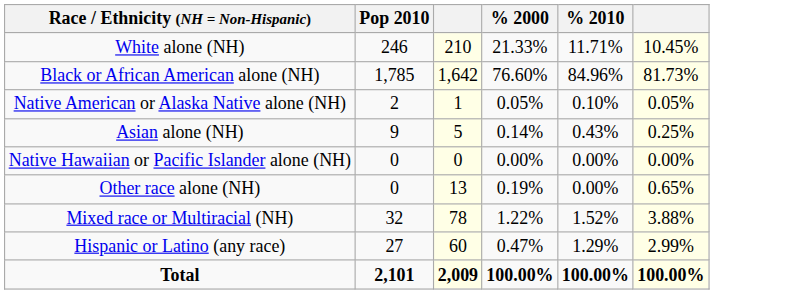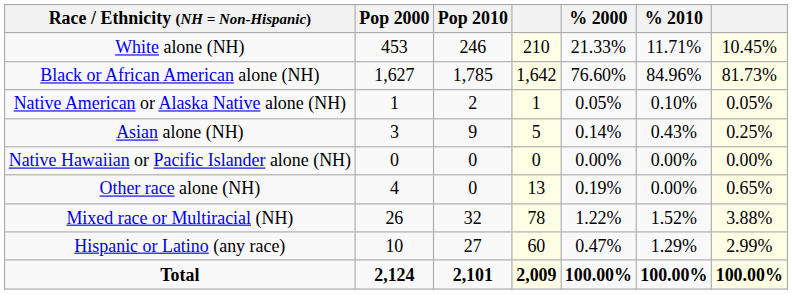 <table class="wikitable" style="text-align:center;">
 <tr>
 <th>Race / Ethnicity <small>(<em>NH = Non-Hispanic</em>)</small></th>
+<th>Pop 2000</th>
 <th>Pop 2010</th>
 <th></th>
 <th>% 2000</th>
 <th>% 2010</th>
 <th></th>
 </tr>
 <tr>
 <td><a href='#'>White</a> alone (NH)</td>
+<td>453</td>
 <td>246</td>
 <td style='background: #ffffe6;'>210</td>
 <td>21.33%</td>
 <td>11.71%</td>
 <td style='background: #ffffe6;'>10.45%</td>
 </tr>
 <tr>
 <td><a href='#'>Black or African American</a> alone (NH)</td>
+<td>1,627</td>
 <td>1,785</td>
 <td style='background: #ffffe6;'>1,642</td>
 <td>76.60%</td>
 <td>84.96%</td>
 <td style='background: #ffffe6;'>81.73%</td>
 </tr>
 <tr>
 <td><a href='#'>Native American</a> or <a href='#'>Alaska Native</a> alone (NH)</td>
+<td>1</td>
 <td>2</td>
 <td style='background: #ffffe6;'>1</td>
 <td>0.05%</td>
 <td>0.10%</td>
 <td style='background: #ffffe6;'>0.05%</td>
 </tr>
 <tr>
 <td><a href='#'>Asian</a> alone (NH)</td>
+<td>3</td>
 <td>9</td>
 <td style='background: #ffffe6;'>5</td>
 <td>0.14%</td>
 <td>0.43%</td>
 <td style='background: #ffffe6;'>0.25%</td>
 </tr>
 <tr>
 <td><a href='#'>Native Hawaiian</a> or <a href='#'>Pacific Islander</a> alone (NH)</td>
 <td>0</td>
+<td>0</td>
 <td style='background: #ffffe6;'>0</td>
 <td>0.00%</td>
 <td>0.00%</td>
 <td style='background: #ffffe6;'>0.00%</td>
 </tr>
 <tr>
 <td><a href='#'>Other race</a> alone (NH)</td>
+<td>4</td>
 <td>0</td>
 <td style='background: #ffffe6;'>13</td>
 <td>0.19%</td>
 <td>0.00%</td>
 <td style='background: #ffffe6;'>0.65%</td>
 </tr>
 <tr>
 <td><a href='#'>Mixed race or Multiracial</a> (NH)</td>
+<td>26</td>
 <td>32</td>
 <td style='background: #ffffe6;'>78</td>
 <td>1.22%</td>
 <td>1.52%</td>
 <td style='background: #ffffe6;'>3.88%</td>
 </tr>
 <tr>
 <td><a href='#'>Hispanic or Latino</a> (any race)</td>
+<td>10</td>
 <td>27</td>
 <td style='background: #ffffe6;'>60</td>
 <td>0.47%</td>
 <td>1.29%</td>
 <td style='background: #ffffe6;'>2.99%</td>
 </tr>
 <tr>
 <td><strong>Total</strong></td>
+<td><strong>2,124</strong></td>
 <td><strong>2,101</strong></td>
 <td style='background: #ffffe6;'><strong>2,009</strong></td>
 <td><strong>100.00%</strong></td>
 <td><strong>100.00%</strong></td>
 <td style='background: #ffffe6;'><strong>100.00%</strong></td>
 </tr>
 </table>
